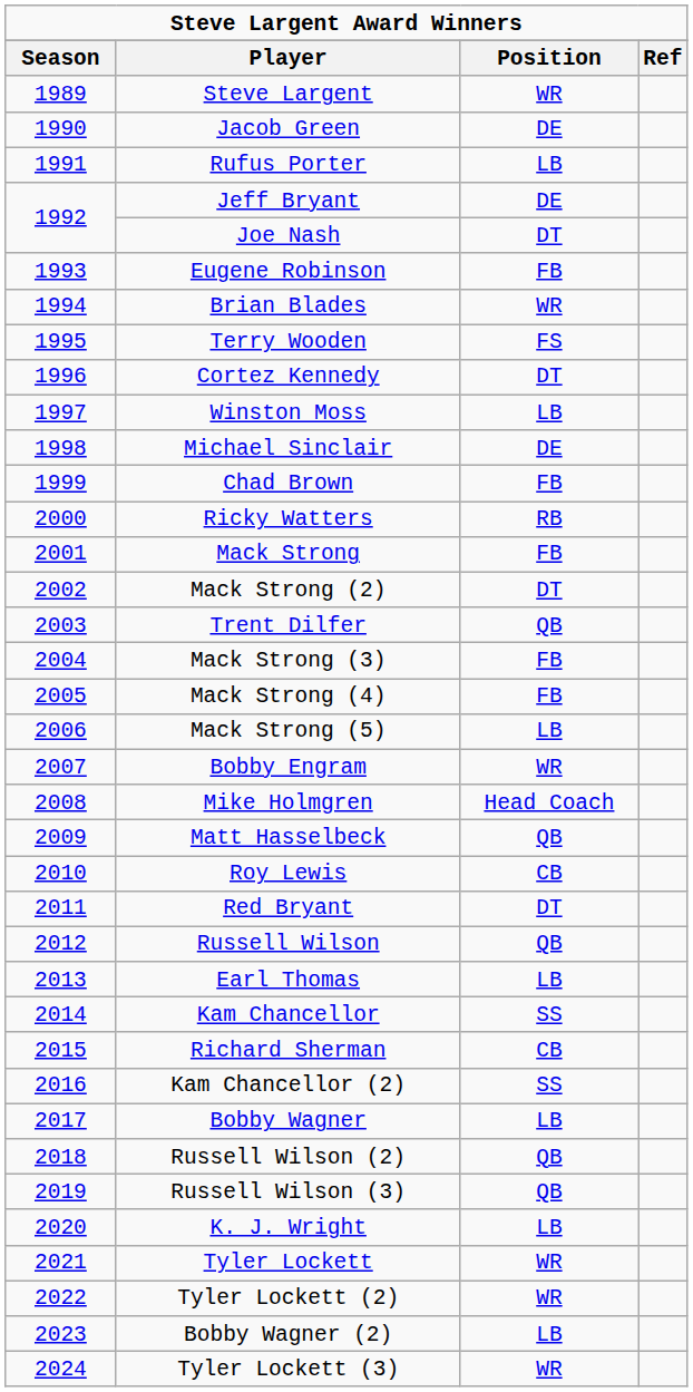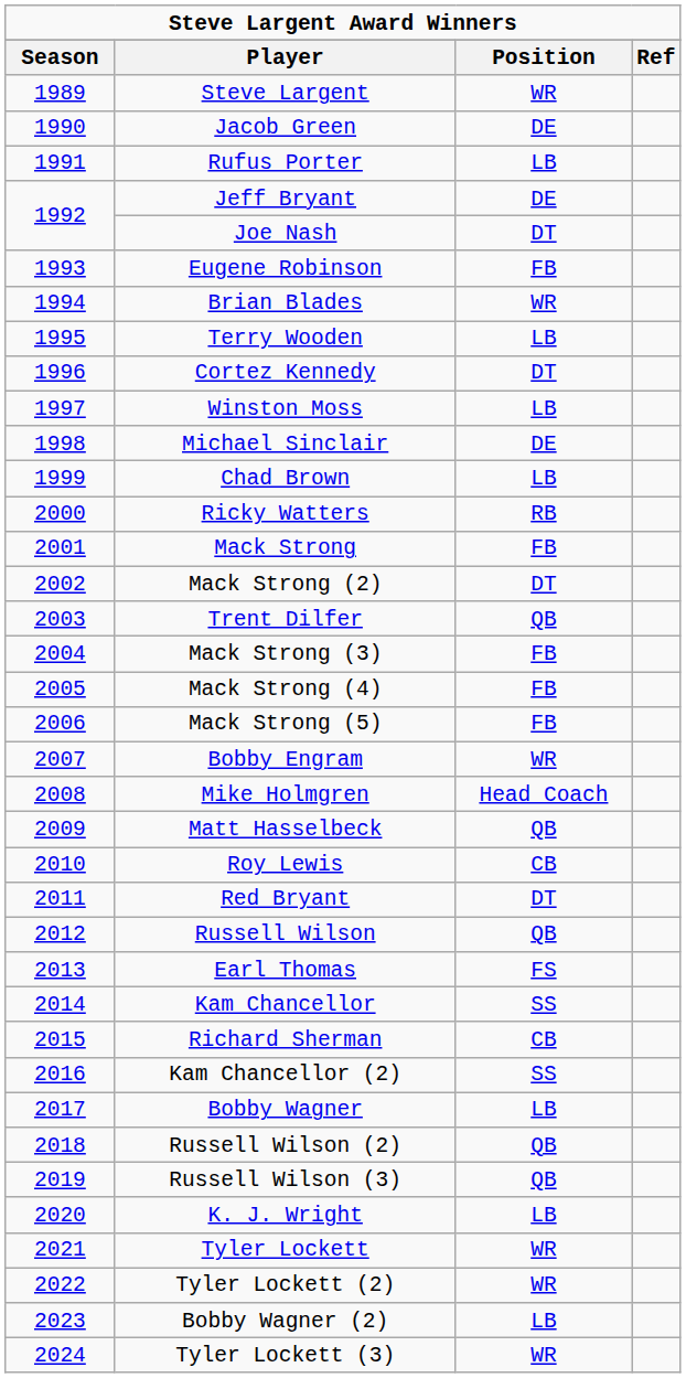 <table class="wikitable sortable" style="text-align:center">
 <tr>
 <td colspan="4"><strong>Steve Largent Award Winners</strong></td>
 </tr>
 <tr>
 </tr>
 <tr>
 <th width="60px">Season</th>
 <th width="200px">Player</th>
 <th width="100px">Position</th>
 <th width="20px">Ref</th>
 </tr>
 <tr>
 <td><a href='#'>1989</a></td>
 <td><a href='#'>Steve Largent</a></td>
 <td><a href='#'>WR</a></td>
 <td></td>
 </tr>
 <tr>
 <td><a href='#'>1990</a></td>
 <td><a href='#'>Jacob Green</a></td>
 <td><a href='#'>DE</a></td>
 <td></td>
 </tr>
 <tr>
 <td><a href='#'>1991</a></td>
 <td><a href='#'>Rufus Porter</a></td>
 <td><a href='#'>LB</a></td>
 <td></td>
 </tr>
 <tr>
 <td rowspan="2"><a href='#'>1992</a></td>
 <td><a href='#'>Jeff Bryant</a></td>
 <td><a href='#'>DE</a></td>
 <td></td>
 </tr>
 <tr>
 <td><a href='#'>Joe Nash</a></td>
 <td><a href='#'>DT</a></td>
 <td></td>
 </tr>
 <tr>
 <td><a href='#'>1993</a></td>
 <td><a href='#'>Eugene Robinson</a></td>
 <td><a href='#'>FB</a></td>
 <td></td>
 </tr>
 <tr>
 <td><a href='#'>1994</a></td>
 <td><a href='#'>Brian Blades</a></td>
 <td><a href='#'>WR</a></td>
 <td></td>
 </tr>
 <tr>
 <td><a href='#'>1995</a></td>
 <td><a href='#'>Terry Wooden</a></td>
-<td><a href='#'>FS</a></td>
+<td><a href='#'>LB</a></td>
 <td></td>
 </tr>
 <tr>
 <td><a href='#'>1996</a></td>
 <td><a href='#'>Cortez Kennedy</a></td>
 <td><a href='#'>DT</a></td>
 <td></td>
 </tr>
 <tr>
 <td><a href='#'>1997</a></td>
 <td><a href='#'>Winston Moss</a></td>
 <td><a href='#'>LB</a></td>
 <td></td>
 </tr>
 <tr>
 <td><a href='#'>1998</a></td>
 <td><a href='#'>Michael Sinclair</a></td>
 <td><a href='#'>DE</a></td>
 <td></td>
 </tr>
 <tr>
 <td><a href='#'>1999</a></td>
 <td><a href='#'>Chad Brown</a></td>
-<td><a href='#'>FB</a></td>
+<td><a href='#'>LB</a></td>
 <td></td>
 </tr>
 <tr>
 <td><a href='#'>2000</a></td>
 <td><a href='#'>Ricky Watters</a></td>
 <td><a href='#'>RB</a></td>
 <td></td>
 </tr>
 <tr>
 <td><a href='#'>2001</a></td>
 <td><a href='#'>Mack Strong</a></td>
 <td><a href='#'>FB</a></td>
 <td></td>
 </tr>
 <tr>
 <td><a href='#'>2002</a></td>
 <td>Mack Strong (2)</td>
 <td><a href='#'>DT</a></td>
 <td></td>
 </tr>
 <tr>
 <td><a href='#'>2003</a></td>
 <td><a href='#'>Trent Dilfer</a></td>
 <td><a href='#'>QB</a></td>
 <td></td>
 </tr>
 <tr>
 <td><a href='#'>2004</a></td>
 <td>Mack Strong (3)</td>
 <td><a href='#'>FB</a></td>
 <td></td>
 </tr>
 <tr>
 <td><a href='#'>2005</a></td>
 <td>Mack Strong (4)</td>
 <td><a href='#'>FB</a></td>
 <td></td>
 </tr>
 <tr>
 <td><a href='#'>2006</a></td>
 <td>Mack Strong (5)</td>
-<td><a href='#'>LB</a></td>
+<td><a href='#'>FB</a></td>
 <td></td>
 </tr>
 <tr>
 <td><a href='#'>2007</a></td>
 <td><a href='#'>Bobby Engram</a></td>
 <td><a href='#'>WR</a></td>
 <td></td>
 </tr>
 <tr>
 <td><a href='#'>2008</a></td>
 <td><a href='#'>Mike Holmgren</a></td>
 <td><a href='#'>Head Coach</a></td>
 <td></td>
 </tr>
 <tr>
 <td><a href='#'>2009</a></td>
 <td><a href='#'>Matt Hasselbeck</a></td>
 <td><a href='#'>QB</a></td>
 <td></td>
 </tr>
 <tr>
 <td><a href='#'>2010</a></td>
 <td><a href='#'>Roy Lewis</a></td>
 <td><a href='#'>CB</a></td>
 <td></td>
 </tr>
 <tr>
 <td><a href='#'>2011</a></td>
 <td><a href='#'>Red Bryant</a></td>
 <td><a href='#'>DT</a></td>
 <td></td>
 </tr>
 <tr>
 <td><a href='#'>2012</a></td>
 <td><a href='#'>Russell Wilson</a></td>
 <td><a href='#'>QB</a></td>
 <td></td>
 </tr>
 <tr>
 <td><a href='#'>2013</a></td>
 <td><a href='#'>Earl Thomas</a></td>
-<td><a href='#'>LB</a></td>
+<td><a href='#'>FS</a></td>
 <td></td>
 </tr>
 <tr>
 <td><a href='#'>2014</a></td>
 <td><a href='#'>Kam Chancellor</a></td>
 <td><a href='#'>SS</a></td>
 <td></td>
 </tr>
 <tr>
 <td><a href='#'>2015</a></td>
 <td><a href='#'>Richard Sherman</a></td>
 <td><a href='#'>CB</a></td>
 <td></td>
 </tr>
 <tr>
 <td><a href='#'>2016</a></td>
 <td>Kam Chancellor (2)</td>
 <td><a href='#'>SS</a></td>
 <td></td>
 </tr>
 <tr>
 <td><a href='#'>2017</a></td>
 <td><a href='#'>Bobby Wagner</a></td>
 <td><a href='#'>LB</a></td>
 <td></td>
 </tr>
 <tr>
 <td><a href='#'>2018</a></td>
 <td>Russell Wilson (2)</td>
 <td><a href='#'>QB</a></td>
 <td></td>
 </tr>
 <tr>
 <td><a href='#'>2019</a></td>
 <td>Russell Wilson (3)</td>
 <td><a href='#'>QB</a></td>
 <td></td>
 </tr>
 <tr>
 <td><a href='#'>2020</a></td>
 <td><a href='#'>K. J. Wright</a></td>
 <td><a href='#'>LB</a></td>
 <td></td>
 </tr>
 <tr>
 <td><a href='#'>2021</a></td>
 <td><a href='#'>Tyler Lockett</a></td>
 <td><a href='#'>WR</a></td>
 <td></td>
 </tr>
 <tr>
 <td><a href='#'>2022</a></td>
 <td>Tyler Lockett (2)</td>
 <td><a href='#'>WR</a></td>
 <td></td>
 </tr>
 <tr>
 <td><a href='#'>2023</a></td>
 <td>Bobby Wagner (2)</td>
 <td><a href='#'>LB</a></td>
 <td></td>
 </tr>
 <tr>
 <td><a href='#'>2024</a></td>
 <td>Tyler Lockett (3)</td>
 <td><a href='#'>WR</a></td>
 <td></td>
 </tr>
 </table>
